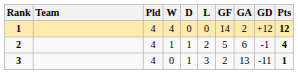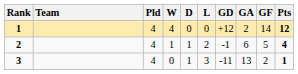 <table class="wikitable" style="text-align: center;">
 <tr>
 <th width=30>Rank</th>
 <th width=165 style="text-align:left;">Team</th>
 <th width=20>Pld</th>
 <th width=20>W</th>
 <th width=20>D</th>
 <th width=20>L</th>
+<th width=20>GD</th>
+<th width=20>GA</th>
 <th width=20>GF</th>
-<th width=20>GA</th>
-<th width=20>GD</th>
 <th width=20>Pts</th>
 </tr>
 <tr style="background:#ffebad;">
 <td><strong>1</strong></td>
 <td style="text-align:left;"></td>
 <td>4</td>
 <td>4</td>
 <td>0</td>
 <td>0</td>
+<td>+12</td>
+<td>2</td>
 <td>14</td>
-<td>2</td>
-<td>+12</td>
 <td><strong>12</strong></td>
 </tr>
 <tr>
 <td><strong>2</strong></td>
 <td style="text-align:left;"></td>
 <td>4</td>
 <td>1</td>
 <td>1</td>
 <td>2</td>
+<td>-1</td>
+<td>6</td>
 <td>5</td>
-<td>6</td>
-<td>-1</td>
 <td><strong>4</strong></td>
 </tr>
 <tr>
 <td><strong>3</strong></td>
 <td style="text-align:left;"></td>
 <td>4</td>
 <td>0</td>
 <td>1</td>
 <td>3</td>
+<td>-11</td>
+<td>13</td>
 <td>2</td>
-<td>13</td>
-<td>-11</td>
 <td><strong>1</strong></td>
 </tr>
 </table>
